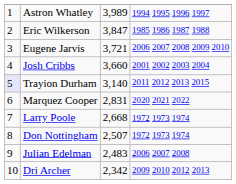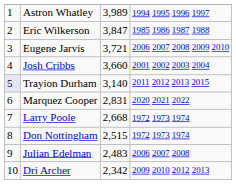 <table class="wikitable" style="display:inline-table;">
 <tr>
 </tr>
 <tr>
 <td>1</td>
 <td>Astron Whatley</td>
 <td>3,989</td>
 <td style="font-size:80%;"><a href='#'>1994</a> <a href='#'>1995</a> <a href='#'>1996</a> <a href='#'>1997</a></td>
 </tr>
 <tr>
 <td>2</td>
 <td>Eric Wilkerson</td>
 <td>3,847</td>
 <td style="font-size:80%;"><a href='#'>1985</a> <a href='#'>1986</a> <a href='#'>1987</a> <a href='#'>1988</a></td>
 </tr>
 <tr>
 <td>3</td>
 <td>Eugene Jarvis</td>
 <td>3,721</td>
 <td style="font-size:80%;"><a href='#'>2006</a> <a href='#'>2007</a> <a href='#'>2008</a> <a href='#'>2009</a> <a href='#'>2010</a></td>
 </tr>
 <tr>
 <td>4</td>
 <td><a href='#'>Josh Cribbs</a></td>
 <td>3,660</td>
 <td style="font-size:80%;"><a href='#'>2001</a> <a href='#'>2002</a> <a href='#'>2003</a> <a href='#'>2004</a></td>
 </tr>
 <tr>
 <td style="background: lavender;">5</td>
 <td>Trayion Durham</td>
 <td>3,140</td>
 <td style="font-size:80%;"><a href='#'>2011</a> <a href='#'>2012</a> <a href='#'>2013</a> <a href='#'>2015</a></td>
 </tr>
 <tr>
 <td>6</td>
 <td>Marquez Cooper</td>
 <td>2,831</td>
 <td style="font-size:80%;"><a href='#'>2020</a> <a href='#'>2021</a> <a href='#'>2022</a></td>
 </tr>
 <tr>
 <td>7</td>
 <td><a href='#'>Larry Poole</a></td>
 <td>2,668</td>
 <td style="font-size:80%;"><a href='#'>1972</a> <a href='#'>1973</a> <a href='#'>1974</a></td>
 </tr>
 <tr>
 <td>8</td>
 <td><a href='#'>Don Nottingham</a></td>
-<td>2,507</td>
+<td>2,515</td>
 <td style="font-size:80%;"><a href='#'>1972</a> <a href='#'>1973</a> <a href='#'>1974</a></td>
 </tr>
 <tr>
 <td>9</td>
 <td><a href='#'>Julian Edelman</a></td>
 <td>2,483</td>
 <td style="font-size:80%;"><a href='#'>2006</a> <a href='#'>2007</a> <a href='#'>2008</a></td>
 </tr>
 <tr>
 <td>10</td>
 <td><a href='#'>Dri Archer</a></td>
 <td>2,342</td>
 <td style="font-size:80%;"><a href='#'>2009</a> <a href='#'>2010</a> <a href='#'>2012</a> <a href='#'>2013</a></td>
 </tr>
 </table>
